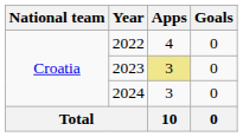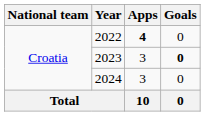 <table class=wikitable style="text-align: center">
 <tr>
 <th>National team</th>
 <th>Year</th>
 <th>Apps</th>
 <th>Goals</th>
 </tr>
 <tr>
 <td rowspan="3"><a href='#'>Croatia</a></td>
 <td>2022</td>
-<td>4</td>
+<td><strong>4</strong></td>
 <td>0</td>
 </tr>
 <tr>
 <td>2023</td>
-<td style="background: khaki;">3</td>
-<td>0</td>
+<td>3</td>
+<td><strong>0</strong></td>
 </tr>
 <tr>
 <td>2024</td>
 <td>3</td>
 <td>0</td>
 </tr>
 <tr>
 <th colspan="2">Total</th>
 <th>10</th>
 <th>0</th>
 </tr>
 </table>
